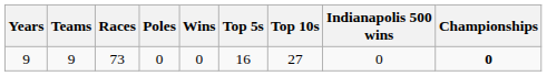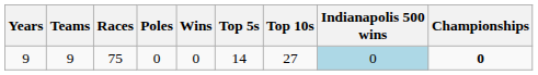 <table class="wikitable" style="text-align:center; font-size:95%">
 <tr>
 <th>Years</th>
 <th>Teams</th>
 <th>Races</th>
 <th>Poles</th>
 <th>Wins</th>
 <th>Top 5s</th>
 <th>Top 10s</th>
 <th>Indianapolis 500<br> wins</th>
 <th>Championships</th>
 </tr>
 <tr>
 <td>9</td>
 <td>9</td>
-<td>73</td>
+<td>75</td>
 <td>0</td>
 <td>0</td>
-<td>16</td>
+<td>14</td>
 <td>27</td>
-<td>0</td>
+<td style="background: lightblue;">0</td>
 <td><strong>0</strong></td>
 </tr>
 </table>
